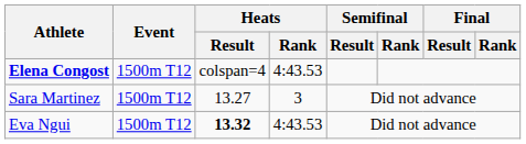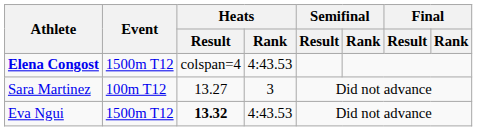 <table class=wikitable style="font-size:90%">
 <tr>
 <th rowspan="2">Athlete</th>
 <th rowspan="2">Event</th>
 <th colspan="2">Heats</th>
 <th colspan="2">Semifinal</th>
 <th colspan="2">Final</th>
 </tr>
 <tr>
 <th>Result</th>
 <th>Rank</th>
 <th>Result</th>
 <th>Rank</th>
 <th>Result</th>
 <th>Rank</th>
 </tr>
 <tr align=center>
 <td align=left><strong><a href='#'>Elena Congost</a></strong></td>
 <td align=left><a href='#'>1500m T12</a></td>
 <td>colspan=4 </td>
 <td>4:43.53</td>
 <td></td>
 </tr>
 <tr align=center>
 <td align=left><a href='#'>Sara Martinez</a></td>
-<td align=left><a href='#'>1500m T12</a></td>
+<td align=left><a href='#'>100m T12</a></td>
 <td>13.27</td>
 <td>3</td>
 <td colspan=4>Did not advance</td>
 </tr>
 <tr align=center>
 <td align=left><a href='#'>Eva Ngui</a></td>
 <td align=left><a href='#'>1500m T12</a></td>
 <td><strong>13.32</strong></td>
 <td>4:43.53</td>
 <td colspan=4>Did not advance</td>
 </tr>
 </table>
